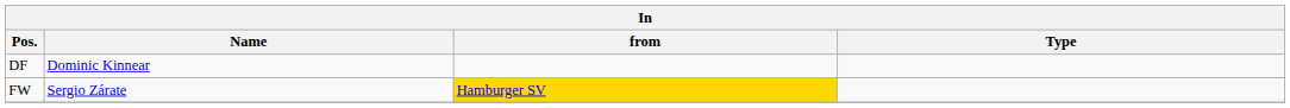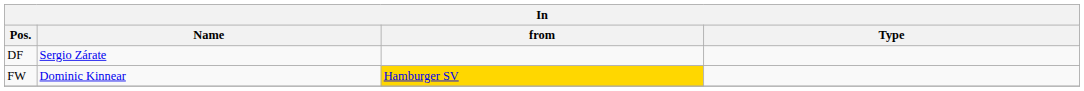 <table class="wikitable" style="font-size:90%;width:99%;">
 <tr>
 <th colspan="4">In</th>
 </tr>
 <tr>
 <th width=3%>Pos.</th>
 <th width=32%>Name</th>
 <th width=30%>from</th>
 <th width=35%>Type</th>
 </tr>
 <tr>
 <td>DF</td>
-<td><a href='#'>Dominic Kinnear</a></td>
+<td><a href='#'>Sergio Zárate</a></td>
 <td></td>
 <td></td>
 </tr>
 <tr>
 <td>FW</td>
-<td><a href='#'>Sergio Zárate</a></td>
+<td><a href='#'>Dominic Kinnear</a></td>
 <td style="background: gold;"><a href='#'>Hamburger SV</a></td>
 <td></td>
 </tr>
 <tr>
 </tr>
 </table>
